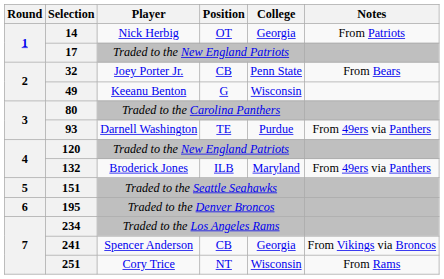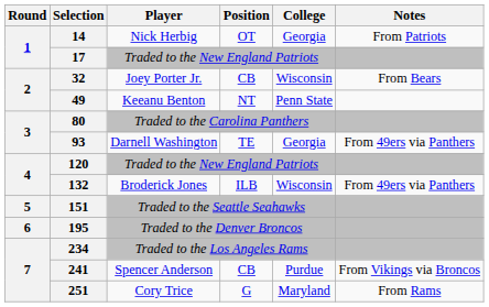 <table class="wikitable" style="text-align:center">
 <tr>
 <th>Round</th>
 <th>Selection</th>
 <th>Player</th>
 <th>Position</th>
 <th>College</th>
 <th>Notes</th>
 </tr>
 <tr>
 <th rowspan="2"><a href='#'>1</a></th>
 <th>14</th>
 <td><a href='#'>Nick Herbig</a></td>
 <td><a href='#'>OT</a></td>
 <td><a href='#'>Georgia</a></td>
 <td>From <a href='#'>Patriots</a></td>
 </tr>
 <tr>
 <th>17</th>
 <td colspan="3" style="background:#BFBFBF"><em>Traded to the <a href='#'>New England Patriots</a></em></td>
 <td style="background:#BFBFBF"></td>
 </tr>
 <tr>
 <th rowspan="2">2</th>
 <th>32</th>
 <td><a href='#'>Joey Porter Jr.</a></td>
 <td><a href='#'>CB</a></td>
-<td><a href='#'>Penn State</a></td>
+<td><a href='#'>Wisconsin</a></td>
 <td>From <a href='#'>Bears</a></td>
 </tr>
 <tr>
 <th>49</th>
 <td><a href='#'>Keeanu Benton</a></td>
-<td><a href='#'>G</a></td>
-<td><a href='#'>Wisconsin</a></td>
+<td><a href='#'>NT</a></td>
+<td><a href='#'>Penn State</a></td>
 <td></td>
 </tr>
 <tr>
 <th rowspan="2">3</th>
 <th>80</th>
 <td colspan="3" style="background:#BFBFBF"><em>Traded to the <a href='#'>Carolina Panthers</a></em></td>
 <td style="background:#BFBFBF"></td>
 </tr>
 <tr>
 <th>93</th>
 <td><a href='#'>Darnell Washington</a></td>
 <td><a href='#'>TE</a></td>
-<td><a href='#'>Purdue</a></td>
+<td><a href='#'>Georgia</a></td>
 <td>From <a href='#'>49ers</a> via <a href='#'>Panthers</a></td>
 </tr>
 <tr>
 <th rowspan="2">4</th>
 <th>120</th>
 <td colspan="3" style="background:#BFBFBF"><em>Traded to the <a href='#'>New England Patriots</a></em></td>
 <td style="background:#BFBFBF"></td>
 </tr>
 <tr>
 <th>132</th>
 <td><a href='#'>Broderick Jones</a></td>
 <td><a href='#'>ILB</a></td>
-<td><a href='#'>Maryland</a></td>
+<td><a href='#'>Wisconsin</a></td>
 <td>From <a href='#'>49ers</a> via <a href='#'>Panthers</a></td>
 </tr>
 <tr>
 <th>5</th>
 <th>151</th>
 <td colspan="3" style="background:#BFBFBF"><em>Traded to the <a href='#'>Seattle Seahawks</a></em></td>
 <td style="background:#BFBFBF"></td>
 </tr>
 <tr>
 <th>6</th>
 <th>195</th>
 <td colspan="3" style="background:#BFBFBF"><em>Traded to the <a href='#'>Denver Broncos</a></em></td>
 <td style="background:#BFBFBF"></td>
 </tr>
 <tr>
 <th rowspan="3">7</th>
 <th>234</th>
 <td colspan="3" style="background:#BFBFBF"><em>Traded to the <a href='#'>Los Angeles Rams</a></em></td>
 <td style="background:#BFBFBF"></td>
 </tr>
 <tr>
 <th>241</th>
 <td><a href='#'>Spencer Anderson</a></td>
 <td><a href='#'>CB</a></td>
-<td><a href='#'>Georgia</a></td>
+<td><a href='#'>Purdue</a></td>
 <td>From <a href='#'>Vikings</a> via <a href='#'>Broncos</a></td>
 </tr>
 <tr>
 <th>251</th>
 <td><a href='#'>Cory Trice</a></td>
-<td><a href='#'>NT</a></td>
-<td><a href='#'>Wisconsin</a></td>
+<td><a href='#'>G</a></td>
+<td><a href='#'>Maryland</a></td>
 <td>From <a href='#'>Rams</a></td>
 </tr>
 </table>
